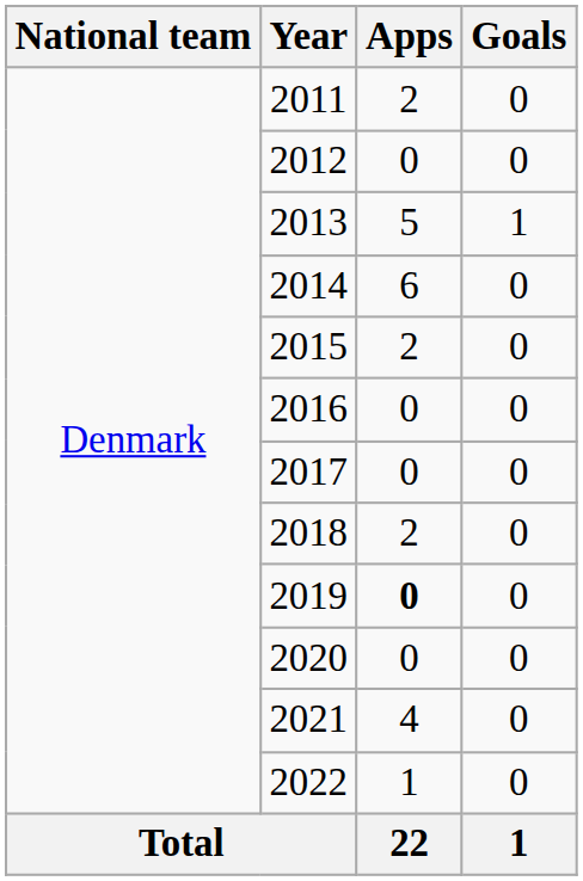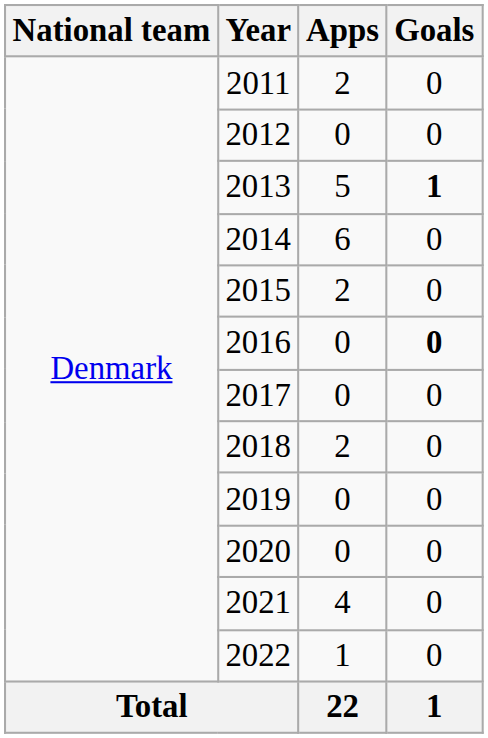 <table class=wikitable style=text-align:center>
 <tr>
 <th>National team</th>
 <th>Year</th>
 <th>Apps</th>
 <th>Goals</th>
 </tr>
 <tr>
 <td rowspan=12><a href='#'>Denmark</a></td>
 <td>2011</td>
 <td>2</td>
 <td>0</td>
 </tr>
 <tr>
 <td>2012</td>
 <td>0</td>
 <td>0</td>
 </tr>
 <tr>
 <td>2013</td>
 <td>5</td>
-<td>1</td>
+<td><strong>1</strong></td>
 </tr>
 <tr>
 <td>2014</td>
 <td>6</td>
 <td>0</td>
 </tr>
 <tr>
 <td>2015</td>
 <td>2</td>
 <td>0</td>
 </tr>
 <tr>
 <td>2016</td>
 <td>0</td>
-<td>0</td>
+<td><strong>0</strong></td>
 </tr>
 <tr>
 <td>2017</td>
 <td>0</td>
 <td>0</td>
 </tr>
 <tr>
 <td>2018</td>
 <td>2</td>
 <td>0</td>
 </tr>
 <tr>
 <td>2019</td>
-<td><strong>0</strong></td>
+<td>0</td>
 <td>0</td>
 </tr>
 <tr>
 <td>2020</td>
 <td>0</td>
 <td>0</td>
 </tr>
 <tr>
 <td>2021</td>
 <td>4</td>
 <td>0</td>
 </tr>
 <tr>
 <td>2022</td>
 <td>1</td>
 <td>0</td>
 </tr>
 <tr>
 <th colspan=2>Total</th>
 <th>22</th>
 <th>1</th>
 </tr>
 </table>
